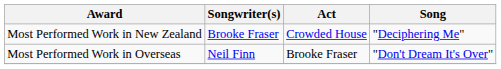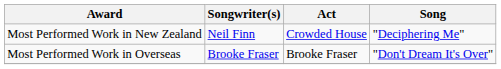 <table class="wikitable">
 <tr>
 <th>Award</th>
 <th>Songwriter(s)</th>
 <th>Act</th>
 <th>Song</th>
 </tr>
 <tr>
 <td>Most Performed Work in New Zealand</td>
-<td><a href='#'>Brooke Fraser</a></td>
+<td><a href='#'>Neil Finn</a></td>
 <td><a href='#'>Crowded House</a></td>
 <td>"<a href='#'>Deciphering Me</a>"</td>
 </tr>
 <tr>
 <td>Most Performed Work in Overseas</td>
-<td><a href='#'>Neil Finn</a></td>
+<td><a href='#'>Brooke Fraser</a></td>
 <td>Brooke Fraser</td>
 <td>"<a href='#'>Don't Dream It's Over</a>"</td>
 </tr>
 <tr>
 </tr>
 </table>
